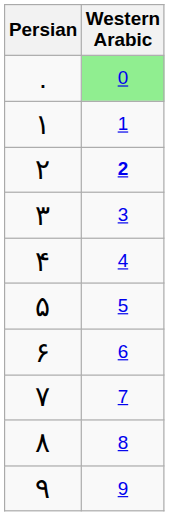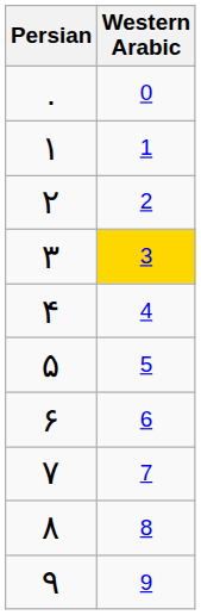 <table class=wikitable style="text-align:center;">
 <tr>
 <th>Persian</th>
 <th>Western<br>Arabic</th>
 </tr>
 <tr>
 <td style="font-size:150%">.</td>
-<td style="background: lightgreen;"><a href='#'>0</a></td>
+<td><a href='#'>0</a></td>
 </tr>
 <tr>
 <td style="font-size:150%">۱</td>
 <td><a href='#'>1</a></td>
 </tr>
 <tr>
 <td style="font-size:150%">۲</td>
-<td><strong><a href='#'>2</a></strong></td>
+<td><a href='#'>2</a></td>
 </tr>
 <tr>
 <td style="font-size:150%">۳</td>
-<td><a href='#'>3</a></td>
+<td style="background: gold;"><a href='#'>3</a></td>
 </tr>
 <tr>
 <td style="font-size:150%">۴</td>
 <td><a href='#'>4</a></td>
 </tr>
 <tr>
 <td style="font-size:150%">۵</td>
 <td><a href='#'>5</a></td>
 </tr>
 <tr>
 <td style="font-size:150%">۶</td>
 <td><a href='#'>6</a></td>
 </tr>
 <tr>
 <td style="font-size:150%">۷</td>
 <td><a href='#'>7</a></td>
 </tr>
 <tr>
 <td style="font-size:150%">۸</td>
 <td><a href='#'>8</a></td>
 </tr>
 <tr>
 <td style="font-size:150%">۹</td>
 <td><a href='#'>9</a></td>
 </tr>
 </table>
